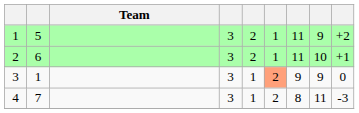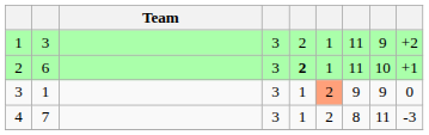 <table class="wikitable sortable" style="text-align: center;">
 <tr>
 <th width=20 scope=col></th>
 <th width=20 scope=col></th>
 <th width=200 scope=col>Team</th>
 <th width=20 scope=col></th>
 <th width=20 scope=col></th>
 <th width=20 scope=col></th>
 <th width=20 scope=col></th>
 <th width=20 scope=col></th>
 <th width=20 scope=col></th>
 </tr>
 <tr style="background:#aaffaa;">
 <td>1</td>
-<td>5</td>
+<td>3</td>
 <td style="text-align:left;"><strong></strong></td>
 <td>3</td>
 <td>2</td>
 <td>1</td>
 <td>11</td>
 <td>9</td>
 <td>+2</td>
 </tr>
 <tr style="background:#aaffaa;">
 <td>2</td>
 <td>6</td>
 <td style="text-align:left;"><strong></strong></td>
 <td>3</td>
-<td>2</td>
+<td><strong>2</strong></td>
 <td>1</td>
 <td>11</td>
 <td>10</td>
 <td>+1</td>
 </tr>
 <tr>
 <td>3</td>
 <td>1</td>
 <td style="text-align:left;"></td>
 <td>3</td>
 <td>1</td>
 <td style="background: lightsalmon;">2</td>
 <td>9</td>
 <td>9</td>
 <td>0</td>
 </tr>
 <tr>
 <td>4</td>
 <td>7</td>
 <td style="text-align:left;"></td>
 <td>3</td>
 <td>1</td>
 <td>2</td>
 <td>8</td>
 <td>11</td>
 <td>-3</td>
 </tr>
 <tr>
 </tr>
 </table>
